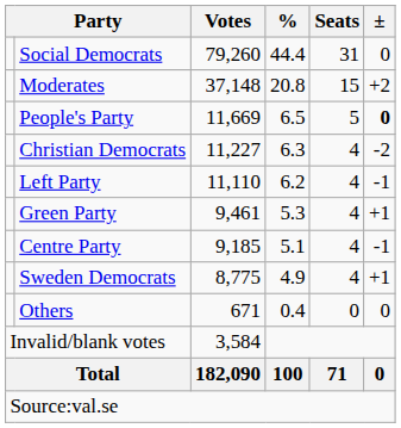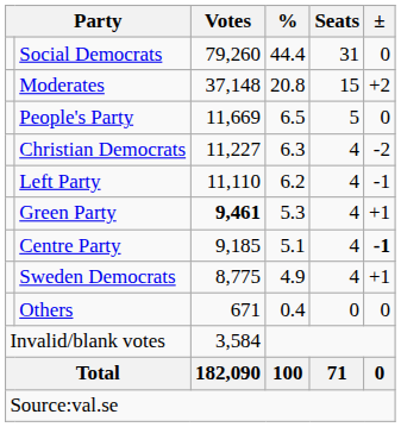 <table class=wikitable style=text-align:right>
 <tr>
 <th colspan=2>Party</th>
 <th>Votes</th>
 <th>%</th>
 <th>Seats</th>
 <th>±</th>
 </tr>
 <tr>
 <td bgcolor=></td>
 <td align=left><a href='#'>Social Democrats</a></td>
 <td>79,260</td>
 <td>44.4</td>
 <td>31</td>
 <td>0</td>
 </tr>
 <tr>
 <td bgcolor=></td>
 <td align=left><a href='#'>Moderates</a></td>
 <td>37,148</td>
 <td>20.8</td>
 <td>15</td>
 <td>+2</td>
 </tr>
 <tr>
 <td bgcolor=></td>
 <td align=left><a href='#'>People's Party</a></td>
 <td>11,669</td>
 <td>6.5</td>
 <td>5</td>
-<td><strong>0</strong></td>
+<td>0</td>
 </tr>
 <tr>
 <td bgcolor=></td>
 <td align=left><a href='#'>Christian Democrats</a></td>
 <td>11,227</td>
 <td>6.3</td>
 <td>4</td>
 <td>-2</td>
 </tr>
 <tr>
 <td bgcolor=></td>
 <td align=left><a href='#'>Left Party</a></td>
 <td>11,110</td>
 <td>6.2</td>
 <td>4</td>
 <td>-1</td>
 </tr>
 <tr>
 <td bgcolor=></td>
 <td align=left><a href='#'>Green Party</a></td>
-<td>9,461</td>
+<td><strong>9,461</strong></td>
 <td>5.3</td>
 <td>4</td>
 <td>+1</td>
 </tr>
 <tr>
 <td bgcolor=></td>
 <td align=left><a href='#'>Centre Party</a></td>
 <td>9,185</td>
 <td>5.1</td>
 <td>4</td>
-<td>-1</td>
+<td><strong>-1</strong></td>
 </tr>
 <tr>
 <td bgcolor=></td>
 <td align=left><a href='#'>Sweden Democrats</a></td>
 <td>8,775</td>
 <td>4.9</td>
 <td>4</td>
 <td>+1</td>
 </tr>
 <tr>
 <td></td>
 <td align=left><a href='#'>Others</a></td>
 <td>671</td>
 <td>0.4</td>
 <td>0</td>
 <td>0</td>
 </tr>
 <tr>
 <td align=left colspan=2>Invalid/blank votes</td>
 <td>3,584</td>
 <td colspan=3></td>
 </tr>
 <tr>
 <th align=left colspan=2>Total</th>
 <th>182,090</th>
 <th>100</th>
 <th>71</th>
 <th>0</th>
 </tr>
 <tr>
 <td align=left colspan=6>Source:val.se </td>
 </tr>
 </table>
